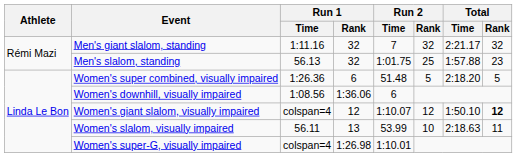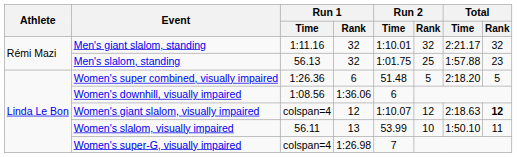 <table class=wikitable style=font-size:90%;text-align:center>
 <tr>
 <th rowspan=2>Athlete</th>
 <th rowspan=2>Event</th>
 <th colspan=2>Run 1</th>
 <th colspan=2>Run 2</th>
 <th colspan=2>Total</th>
 </tr>
 <tr style="font-size: 95%">
 <th>Time</th>
 <th>Rank</th>
 <th>Time</th>
 <th>Rank</th>
 <th>Time</th>
 <th>Rank</th>
 </tr>
 <tr>
 <td rowspan=2 align=left>Rémi Mazi</td>
 <td align=left><a href='#'>Men's giant slalom, standing</a></td>
 <td>1:11.16</td>
 <td>32</td>
-<td>7</td>
+<td>1:10.01</td>
 <td>32</td>
 <td>2:21.17</td>
 <td>32</td>
 </tr>
 <tr>
 <td align=left><a href='#'>Men's slalom, standing</a></td>
 <td>56.13</td>
 <td>32</td>
 <td>1:01.75</td>
 <td>25</td>
 <td>1:57.88</td>
 <td>23</td>
 </tr>
 <tr>
 <td rowspan=5 align=left><a href='#'>Linda Le Bon</a><br></td>
 <td align=left><a href='#'>Women's super combined, visually impaired</a></td>
 <td>1:26.36</td>
 <td>6</td>
 <td>51.48</td>
 <td>5</td>
 <td>2:18.20</td>
 <td>5</td>
 </tr>
 <tr>
 <td align=left><a href='#'>Women's downhill, visually impaired</a></td>
 <td>1:08.56</td>
 <td>1:36.06</td>
 <td>6</td>
 </tr>
 <tr>
 <td align=left><a href='#'>Women's giant slalom, visually impaired</a></td>
 <td>colspan=4 </td>
 <td>12</td>
 <td>1:10.07</td>
 <td>12</td>
-<td>1:50.10</td>
+<td>2:18.63</td>
 <td><strong>12</strong></td>
 </tr>
 <tr>
 <td align=left><a href='#'>Women's slalom, visually impaired</a></td>
 <td>56.11</td>
 <td>13</td>
 <td>53.99</td>
 <td>10</td>
-<td>2:18.63</td>
+<td>1:50.10</td>
 <td>11</td>
 </tr>
 <tr>
 <td align=left><a href='#'>Women's super-G, visually impaired</a></td>
 <td>colspan=4 </td>
 <td>1:26.98</td>
-<td>1:10.01</td>
+<td>7</td>
 </tr>
 </table>
